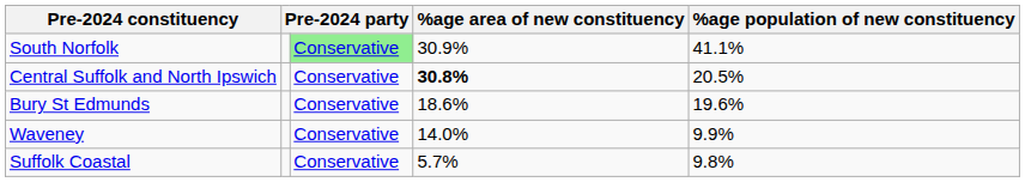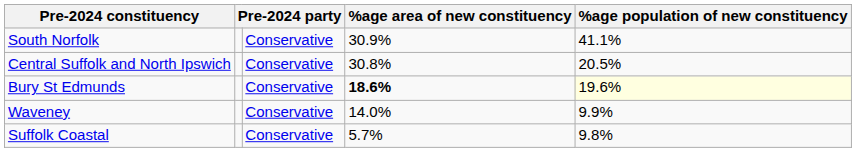 <table class="wikitable">
 <tr>
 <th>Pre-2024 constituency</th>
 <th colspan="2">Pre-2024 party</th>
 <th>%age area of new constituency</th>
 <th>%age population of new constituency</th>
 </tr>
 <tr>
 <td><a href='#'>South Norfolk</a></td>
 <td style="color:inherit;background-color: "></td>
-<td style="background: lightgreen;"><a href='#'>Conservative</a></td>
+<td><a href='#'>Conservative</a></td>
 <td>30.9%</td>
 <td>41.1%</td>
 </tr>
 <tr>
 <td><a href='#'>Central Suffolk and North Ipswich</a></td>
 <td style="color:inherit;background-color: "></td>
 <td><a href='#'>Conservative</a></td>
-<td><strong>30.8%</strong></td>
+<td>30.8%</td>
 <td>20.5%</td>
 </tr>
 <tr>
 <td><a href='#'>Bury St Edmunds</a></td>
 <td style="color:inherit;background-color: "></td>
 <td><a href='#'>Conservative</a></td>
-<td>18.6%</td>
-<td>19.6%</td>
+<td><strong>18.6%</strong></td>
+<td style="background: lightyellow;">19.6%</td>
 </tr>
 <tr>
 <td><a href='#'>Waveney</a></td>
 <td style="color:inherit;background-color: "></td>
 <td><a href='#'>Conservative</a></td>
 <td>14.0%</td>
 <td>9.9%</td>
 </tr>
 <tr>
 <td><a href='#'>Suffolk Coastal</a></td>
 <td style="color:inherit;background-color: "></td>
 <td><a href='#'>Conservative</a></td>
 <td>5.7%</td>
 <td>9.8%</td>
 </tr>
 </table>
